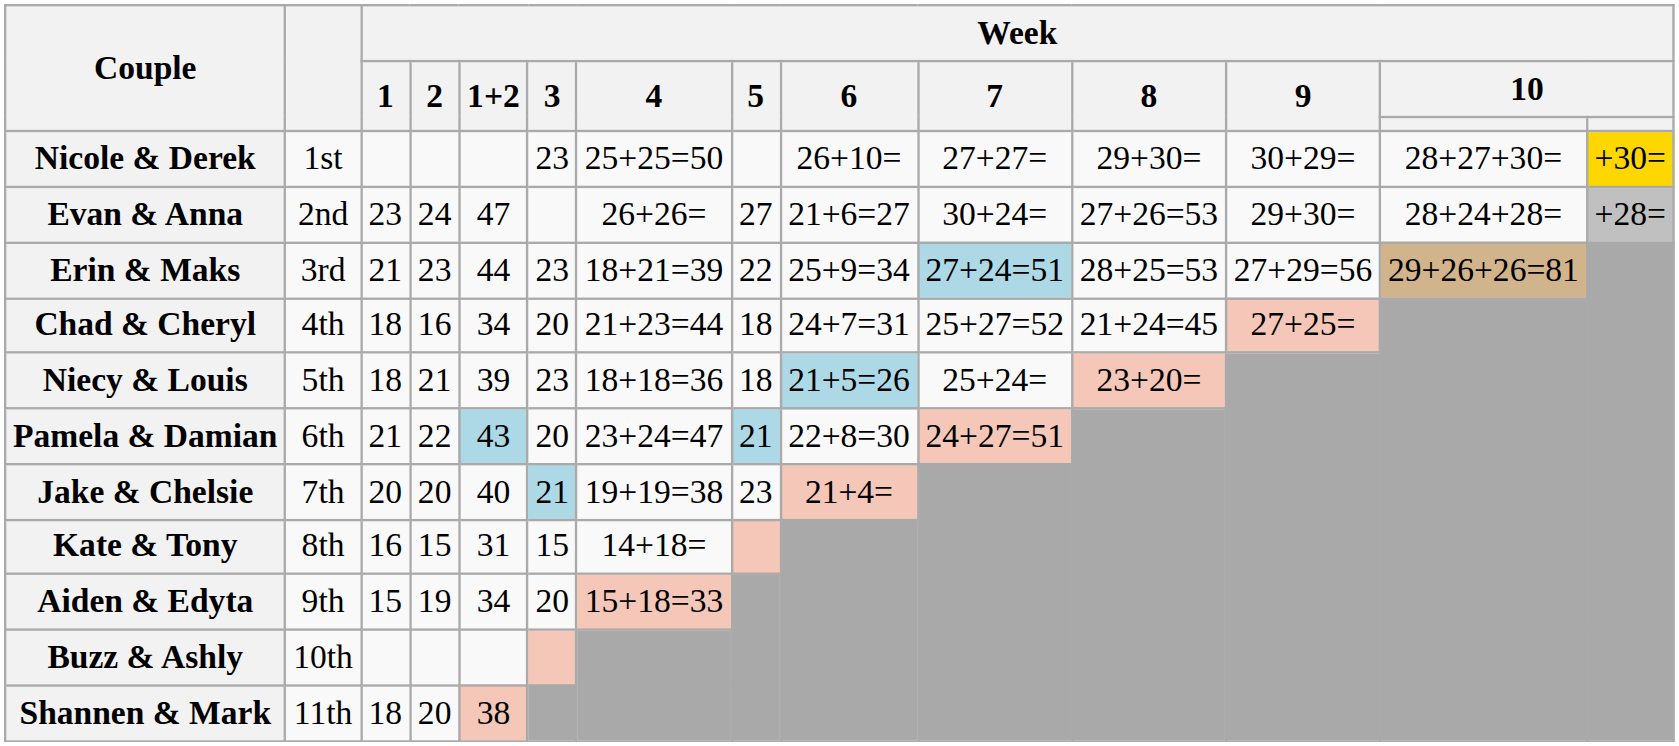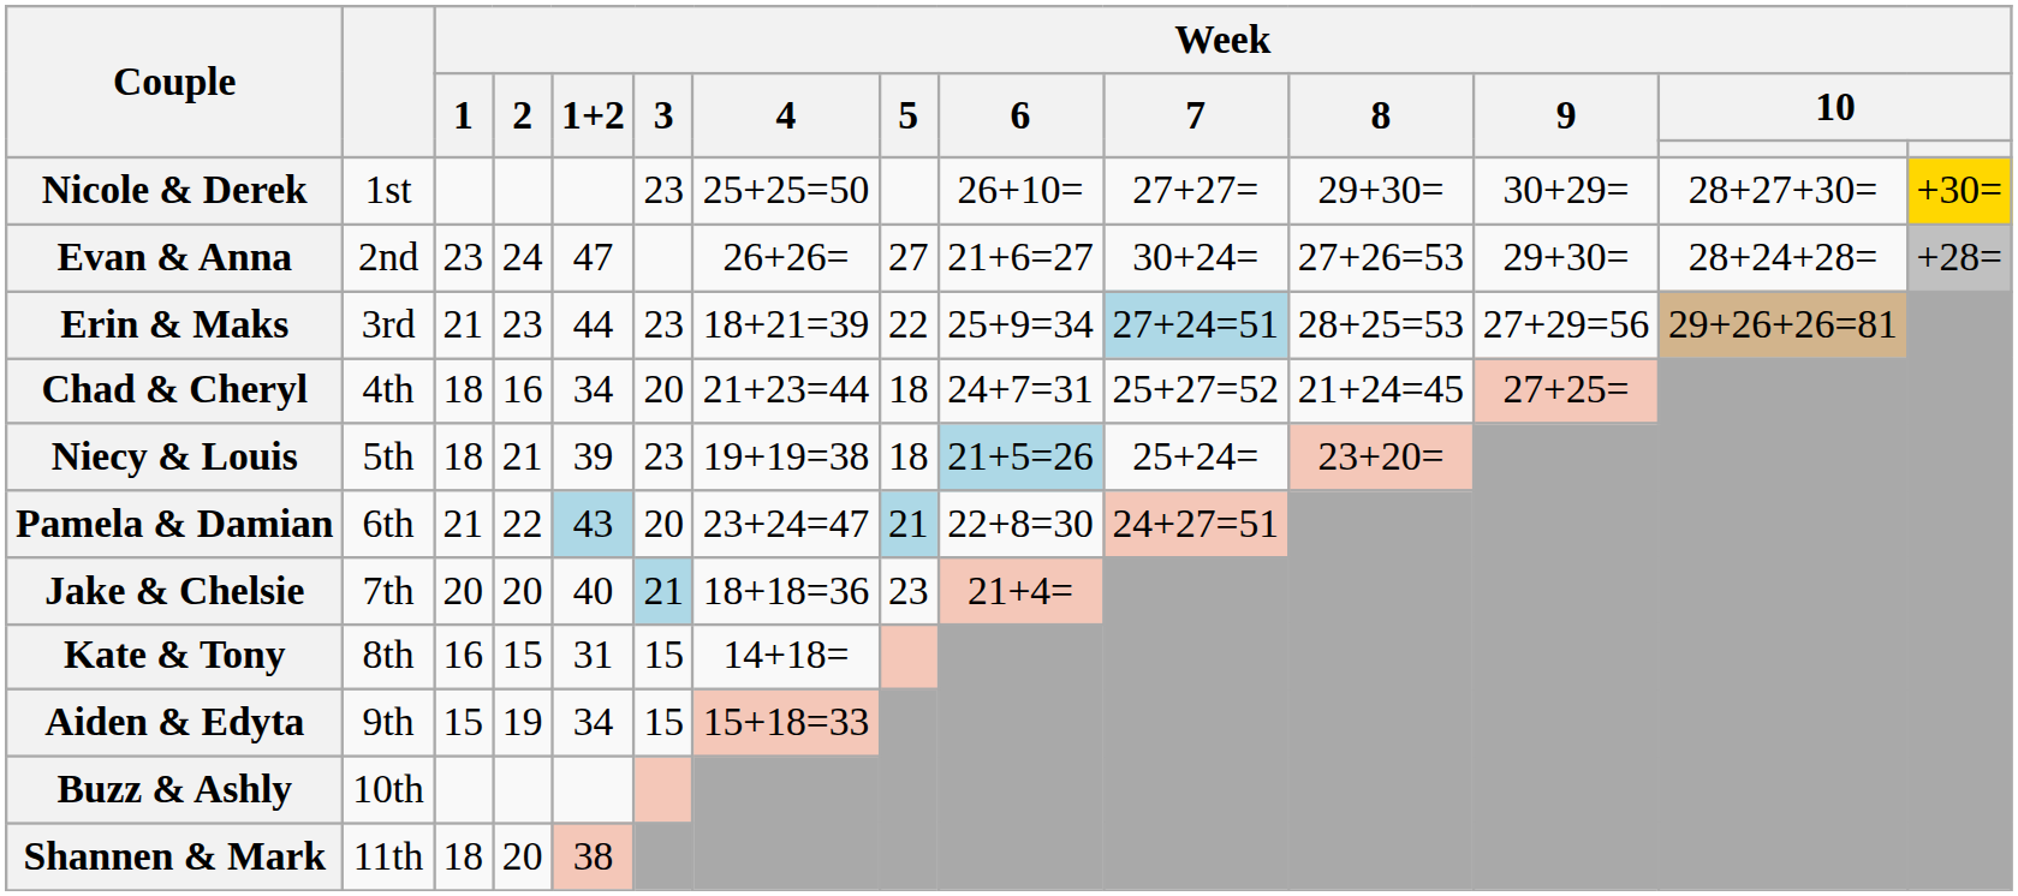 <table class="wikitable sortable" style="text-align:center; font-size:90%">
 <tr>
 <th scope="col" rowspan="3" style="text-align:center;">Couple</th>
 <th scope="col" rowspan="3" style="text-align:center;"></th>
 <th colspan="12" style="text-align:center;">Week</th>
 </tr>
 <tr>
 <th scope="col" rowspan=2>1</th>
 <th scope="col" rowspan=2>2</th>
 <th scope="col" rowspan=2>1+2</th>
 <th scope="col" rowspan=2>3</th>
 <th scope="col" rowspan=2 style="font-weight:normal"><strong>4</strong></th>
 <th scope="col" rowspan=2>5</th>
 <th scope="col" rowspan=2>6</th>
 <th scope="col" rowspan=2>7</th>
 <th scope="col" rowspan=2>8</th>
 <th scope="col" rowspan=2>9</th>
 <th scope="col" colspan=2>10</th>
 </tr>
 <tr>
 <th></th>
 <th></th>
 </tr>
 <tr>
 <th scope="row">Nicole & Derek</th>
 <td>1st</td>
 <td></td>
 <td></td>
 <td></td>
 <td>23</td>
 <td>25+25=50</td>
 <td></td>
 <td>26+10=</td>
 <td>27+27=</td>
 <td>29+30=</td>
 <td>30+29=</td>
 <td>28+27+30=</td>
 <td bgcolor=gold >+30=</td>
 </tr>
 <tr>
 <th scope="row">Evan & Anna</th>
 <td>2nd</td>
 <td>23</td>
 <td>24</td>
 <td>47</td>
 <td></td>
 <td>26+26=</td>
 <td>27</td>
 <td>21+6=27</td>
 <td>30+24=</td>
 <td>27+26=53</td>
 <td>29+30=</td>
 <td>28+24+28=</td>
 <td bgcolor=silver >+28=</td>
 </tr>
 <tr>
 <th scope="row">Erin & Maks</th>
 <td>3rd</td>
 <td>21</td>
 <td>23</td>
 <td>44</td>
 <td>23</td>
 <td>18+21=39</td>
 <td>22</td>
 <td>25+9=34</td>
 <td bgcolor=lightblue >27+24=51</td>
 <td>28+25=53</td>
 <td>27+29=56</td>
 <td bgcolor=tan >29+26+26=81</td>
 <td rowspan="9" style="background:darkgrey;"></td>
 </tr>
 <tr>
 <th scope="row">Chad & Cheryl</th>
 <td>4th</td>
 <td>18</td>
 <td>16</td>
 <td>34</td>
 <td>20</td>
 <td>21+23=44</td>
 <td>18</td>
 <td>24+7=31</td>
 <td>25+27=52</td>
 <td>21+24=45</td>
 <td bgcolor=f4c7b8 >27+25=</td>
 <td rowspan="8" style="background:darkgrey;"></td>
 </tr>
 <tr>
 <th scope="row">Niecy & Louis</th>
 <td>5th</td>
 <td>18</td>
 <td>21</td>
 <td>39</td>
 <td>23</td>
-<td>18+18=36</td>
+<td>19+19=38</td>
 <td>18</td>
 <td bgcolor=lightblue >21+5=26</td>
 <td>25+24=</td>
 <td bgcolor=f4c7b8 >23+20=</td>
 <td rowspan="7" style="background:darkgrey;"></td>
 </tr>
 <tr>
 <th scope="row">Pamela & Damian</th>
 <td>6th</td>
 <td>21</td>
 <td>22</td>
 <td bgcolor=lightblue>43</td>
 <td>20</td>
 <td>23+24=47</td>
 <td bgcolor=lightblue>21</td>
 <td>22+8=30</td>
 <td bgcolor=f4c7b8 >24+27=51</td>
 <td rowspan="6" style="background:darkgrey;"></td>
 </tr>
 <tr>
 <th scope="row">Jake & Chelsie</th>
 <td>7th</td>
 <td>20</td>
 <td>20</td>
 <td>40</td>
 <td bgcolor=lightblue>21</td>
-<td>19+19=38</td>
+<td>18+18=36</td>
 <td>23</td>
 <td bgcolor=f4c7b8 >21+4=</td>
 <td rowspan="5" style="background:darkgrey;"></td>
 </tr>
 <tr>
 <th scope="row">Kate & Tony</th>
 <td>8th</td>
 <td>16</td>
 <td>15</td>
 <td>31</td>
 <td>15</td>
 <td>14+18=</td>
 <td bgcolor=f4c7b8></td>
 <td rowspan="4" style="background:darkgrey;"></td>
 </tr>
 <tr>
 <th scope="row">Aiden & Edyta</th>
 <td>9th</td>
 <td>15</td>
 <td>19</td>
 <td>34</td>
-<td>20</td>
+<td>15</td>
 <td bgcolor=f4c7b8 >15+18=33</td>
 <td rowspan="3" style="background:darkgrey;"></td>
 </tr>
 <tr>
 <th scope="row">Buzz & Ashly</th>
 <td>10th</td>
 <td></td>
 <td></td>
 <td></td>
 <td bgcolor=f4c7b8></td>
 <td rowspan="2" style="background:darkgrey;"></td>
 </tr>
 <tr>
 <th scope="row">Shannen & Mark</th>
 <td>11th</td>
 <td>18</td>
 <td>20</td>
 <td bgcolor=f4c7b8>38</td>
 <td style="background:darkgrey;"></td>
 </tr>
 </table>
